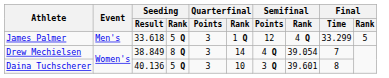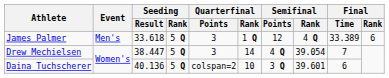 <table class="wikitable" style="font-size:90%">
 <tr>
 <th rowspan=2>Athlete</th>
 <th rowspan=2>Event</th>
 <th colspan="2">Seeding</th>
 <th colspan="2">Quarterfinal</th>
 <th colspan="2">Semifinal</th>
 <th colspan="2">Final</th>
 </tr>
 <tr style="font-size:95%">
 <th>Result</th>
 <th>Rank</th>
 <th>Points</th>
 <th>Rank</th>
 <th>Points</th>
 <th>Rank</th>
 <th>Time</th>
 <th>Rank</th>
 </tr>
 <tr align=center>
 <td align=left><a href='#'>James Palmer</a></td>
 <td align=left><a href='#'>Men's</a></td>
 <td>33.618</td>
 <td>5 <strong>Q</strong></td>
 <td>3</td>
 <td>1 <strong>Q</strong></td>
 <td>12</td>
 <td>4 <strong>Q</strong></td>
-<td>33.299</td>
-<td>5</td>
+<td>33.389</td>
+<td>6</td>
 </tr>
 <tr align=center>
 <td align=left><a href='#'>Drew Mechielsen</a></td>
 <td align=left rowspan="2"><a href='#'>Women's</a></td>
-<td>38.849</td>
-<td>8 <strong>Q</strong></td>
+<td>38.447</td>
+<td>5 <strong>Q</strong></td>
 <td>3</td>
 <td>14</td>
 <td>4 <strong>Q</strong></td>
 <td>39.054</td>
 <td>7</td>
 </tr>
 <tr align=center>
 <td align=left><a href='#'>Daina Tuchscherer</a></td>
 <td>40.136</td>
 <td>5 <strong>Q</strong></td>
-<td>3</td>
+<td>colspan=2 </td>
 <td>10</td>
 <td>3 <strong>Q</strong></td>
 <td>39.601</td>
-<td>8</td>
+<td>6</td>
 </tr>
 </table>
